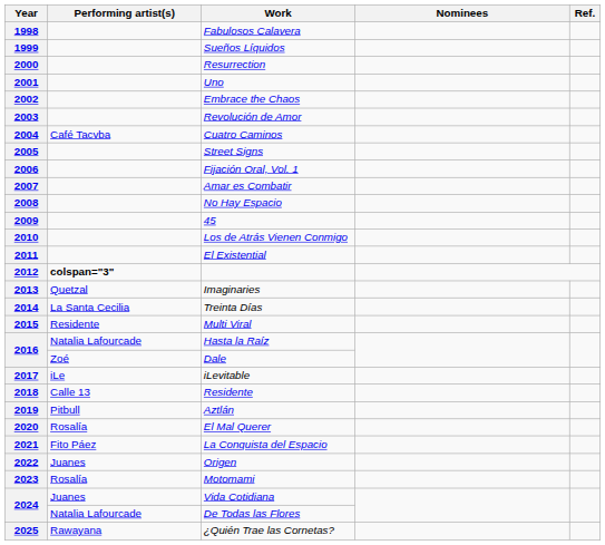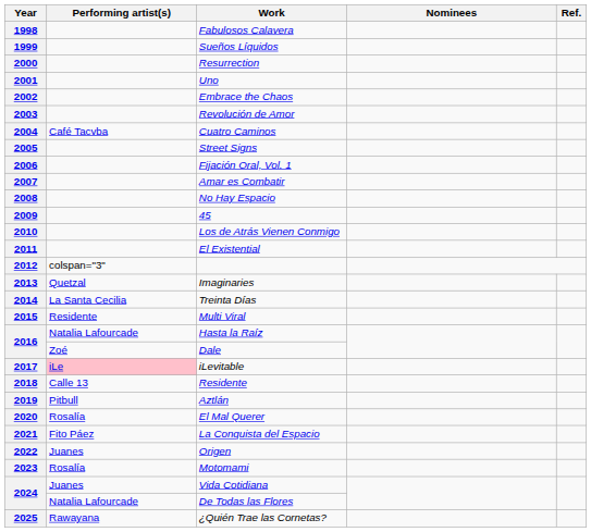 <table class="wikitable">
 <tr>
 <th width="7%">Year</th>
 <th width="25%">Performing artist(s)</th>
 <th width="25%">Work</th>
 <th width="35%" class=unsortable>Nominees</th>
 <th width="5%" class=unsortable>Ref.</th>
 </tr>
 <tr>
 <th scope="row" style="text-align:center;"><a href='#'>1998</a></th>
 <td></td>
 <td><em><a href='#'>Fabulosos Calavera</a></em></td>
 <td></td>
 <td style="text-align:center;"></td>
 </tr>
 <tr>
 <th scope="row" style="text-align:center;"><a href='#'>1999</a></th>
 <td></td>
 <td><em><a href='#'>Sueños Líquidos</a></em></td>
 <td></td>
 <td style="text-align:center;"></td>
 </tr>
 <tr>
 <th scope="row" style="text-align:center;"><a href='#'>2000</a></th>
 <td></td>
 <td><em><a href='#'>Resurrection</a></em></td>
 <td></td>
 <td style="text-align:center;"></td>
 </tr>
 <tr>
 <th scope="row" style="text-align:center;"><a href='#'>2001</a></th>
 <td></td>
 <td><em><a href='#'>Uno</a></em></td>
 <td></td>
 <td style="text-align:center;"></td>
 </tr>
 <tr>
 <th scope="row" style="text-align:center;"><a href='#'>2002</a></th>
 <td></td>
 <td><em><a href='#'>Embrace the Chaos</a></em></td>
 <td></td>
 <td style="text-align:center;"></td>
 </tr>
 <tr>
 <th scope="row" style="text-align:center;"><a href='#'>2003</a></th>
 <td></td>
 <td><em><a href='#'>Revolución de Amor</a></em></td>
 <td></td>
 <td style="text-align:center;"></td>
 </tr>
 <tr>
 <th scope="row" style="text-align:center;"><a href='#'>2004</a></th>
 <td><a href='#'>Café Tacvba</a></td>
 <td><em><a href='#'>Cuatro Caminos</a></em></td>
 <td></td>
 <td style="text-align:center;"></td>
 </tr>
 <tr>
 <th scope="row" style="text-align:center;"><a href='#'>2005</a></th>
 <td></td>
 <td><em><a href='#'>Street Signs</a></em></td>
 <td></td>
 <td style="text-align:center;"></td>
 </tr>
 <tr>
 <th scope="row" style="text-align:center;"><a href='#'>2006</a></th>
 <td></td>
 <td><em><a href='#'>Fijación Oral, Vol. 1</a></em></td>
 <td></td>
 <td style="text-align:center;"></td>
 </tr>
 <tr>
 <th scope="row" style="text-align:center;"><a href='#'>2007</a></th>
 <td></td>
 <td><em><a href='#'>Amar es Combatir</a></em></td>
 <td></td>
 <td style="text-align:center;"></td>
 </tr>
 <tr>
 <th scope="row" style="text-align:center;"><a href='#'>2008</a></th>
 <td></td>
 <td><em><a href='#'>No Hay Espacio</a></em></td>
 <td></td>
 <td style="text-align:center;"></td>
 </tr>
 <tr>
 <th scope="row" style="text-align:center;"><a href='#'>2009</a></th>
 <td></td>
 <td><em><a href='#'>45</a></em></td>
 <td></td>
 <td style="text-align:center;"></td>
 </tr>
 <tr>
 <th scope="row" style="text-align:center;"><a href='#'>2010</a></th>
 <td></td>
 <td><em><a href='#'>Los de Atrás Vienen Conmigo</a></em></td>
 <td></td>
 <td style="text-align:center;"></td>
 </tr>
 <tr>
 <th scope="row" style="text-align:center;"><a href='#'>2011</a></th>
 <td></td>
 <td><em><a href='#'>El Existential</a></em></td>
 <td></td>
 <td style="text-align:center;"></td>
 </tr>
 <tr>
 <th scope="row" style="text-align:center;"><a href='#'>2012</a></th>
-<td><strong>colspan="3" </strong></td>
+<td>colspan="3" </td>
 <td style="text-align:center;"></td>
 </tr>
 <tr>
 <th scope="row" style="text-align:center;"><a href='#'>2013</a></th>
 <td><a href='#'>Quetzal</a></td>
 <td><em>Imaginaries</em></td>
 <td></td>
 <td style="text-align:center;"></td>
 </tr>
 <tr>
 <th scope="row" style="text-align:center;"><a href='#'>2014</a></th>
 <td><a href='#'>La Santa Cecilia</a></td>
 <td><em>Treinta Días</em></td>
 <td></td>
 <td style="text-align:center;"></td>
 </tr>
 <tr>
 <th scope="row" style="text-align:center;"><a href='#'>2015</a></th>
 <td><a href='#'>Residente</a></td>
 <td><em><a href='#'>Multi Viral</a></em></td>
 <td></td>
 <td style="text-align:center;"></td>
 </tr>
 <tr>
 <th scope="row" rowspan="2" style="text-align:center;"><a href='#'>2016</a></th>
 <td><a href='#'>Natalia Lafourcade</a></td>
 <td><em><a href='#'>Hasta la Raíz</a></em></td>
 <td rowspan="2"></td>
 <td rowspan="2" style="text-align:center;"></td>
 </tr>
 <tr>
 <td><a href='#'>Zoé</a></td>
 <td><em><a href='#'>Dale</a></em></td>
 </tr>
 <tr>
 <th scope="row" style="text-align:center;"><a href='#'>2017</a></th>
-<td><a href='#'>iLe</a></td>
+<td style="background: pink;"><a href='#'>iLe</a></td>
 <td><em>iLevitable</em></td>
 <td></td>
 <td style="text-align:center;"></td>
 </tr>
 <tr>
 <th scope="row" style="text-align:center;"><a href='#'>2018</a></th>
 <td><a href='#'>Calle 13</a></td>
 <td><em><a href='#'>Residente</a></em></td>
 <td></td>
 <td style="text-align:center;"></td>
 </tr>
 <tr>
 <th scope="row" style="text-align:center;"><a href='#'>2019</a></th>
 <td><a href='#'>Pitbull</a></td>
 <td><em><a href='#'>Aztlán</a></em></td>
 <td></td>
 <td style="text-align:center;"></td>
 </tr>
 <tr>
 <th scope="row" style="text-align:center;"><a href='#'>2020</a></th>
 <td><a href='#'>Rosalía</a></td>
 <td><em><a href='#'>El Mal Querer</a></em></td>
 <td></td>
 <td style="text-align:center;"></td>
 </tr>
 <tr>
 <th scope="row" style="text-align:center;"><a href='#'>2021</a></th>
 <td><a href='#'>Fito Páez</a></td>
 <td><em><a href='#'>La Conquista del Espacio</a></em></td>
 <td></td>
 <td style="text-align:center;"></td>
 </tr>
 <tr>
 <th><a href='#'>2022</a></th>
 <td><a href='#'>Juanes</a></td>
 <td><em><a href='#'>Origen</a></em></td>
 <td></td>
 <td></td>
 </tr>
 <tr>
 <th><a href='#'>2023</a></th>
 <td><a href='#'>Rosalía</a></td>
 <td><em><a href='#'>Motomami</a></em></td>
 <td></td>
 <td></td>
 </tr>
 <tr>
 <th scope="row" rowspan="2" style="text-align:center;"><a href='#'>2024</a></th>
 <td><a href='#'>Juanes</a></td>
 <td><em><a href='#'>Vida Cotidiana</a></em></td>
 <td rowspan="2"></td>
 <td rowspan="2" style="text-align:center;"></td>
 </tr>
 <tr>
 <td><a href='#'>Natalia Lafourcade</a></td>
 <td><em><a href='#'>De Todas las Flores</a></em></td>
 </tr>
 <tr>
 <th><a href='#'>2025</a></th>
 <td><a href='#'>Rawayana</a></td>
 <td><em>¿Quién Trae las Cornetas?</em></td>
 <td></td>
 <td></td>
 </tr>
 </table>
